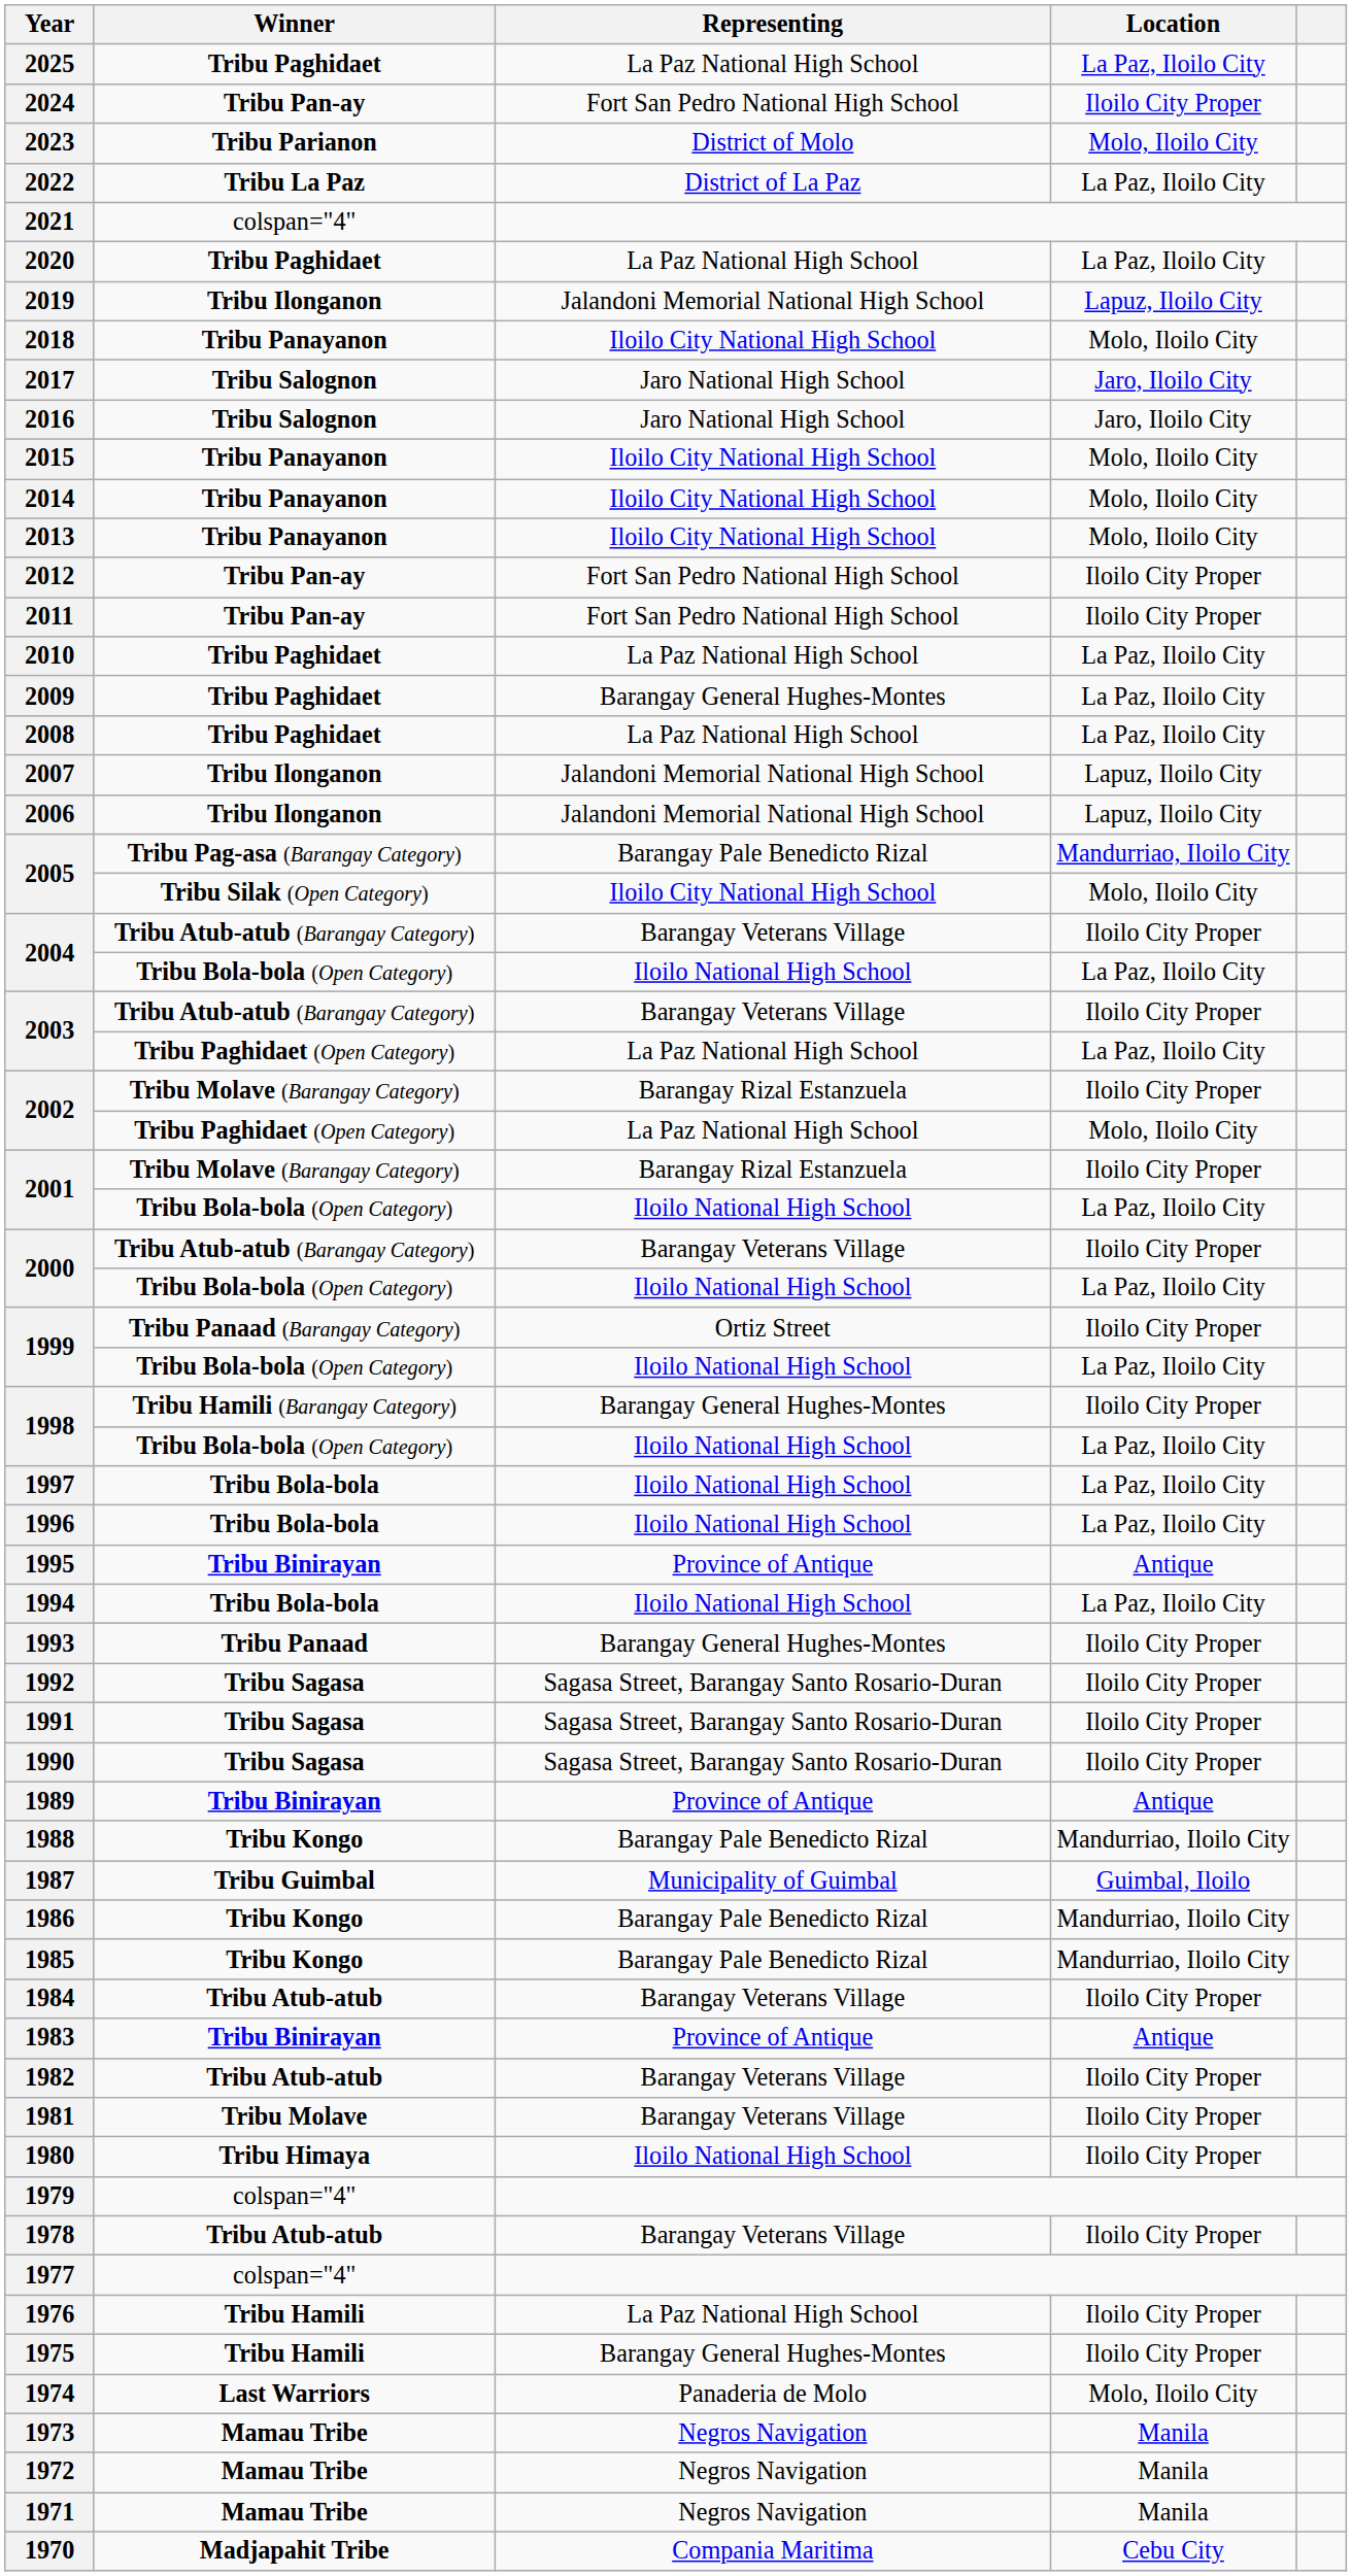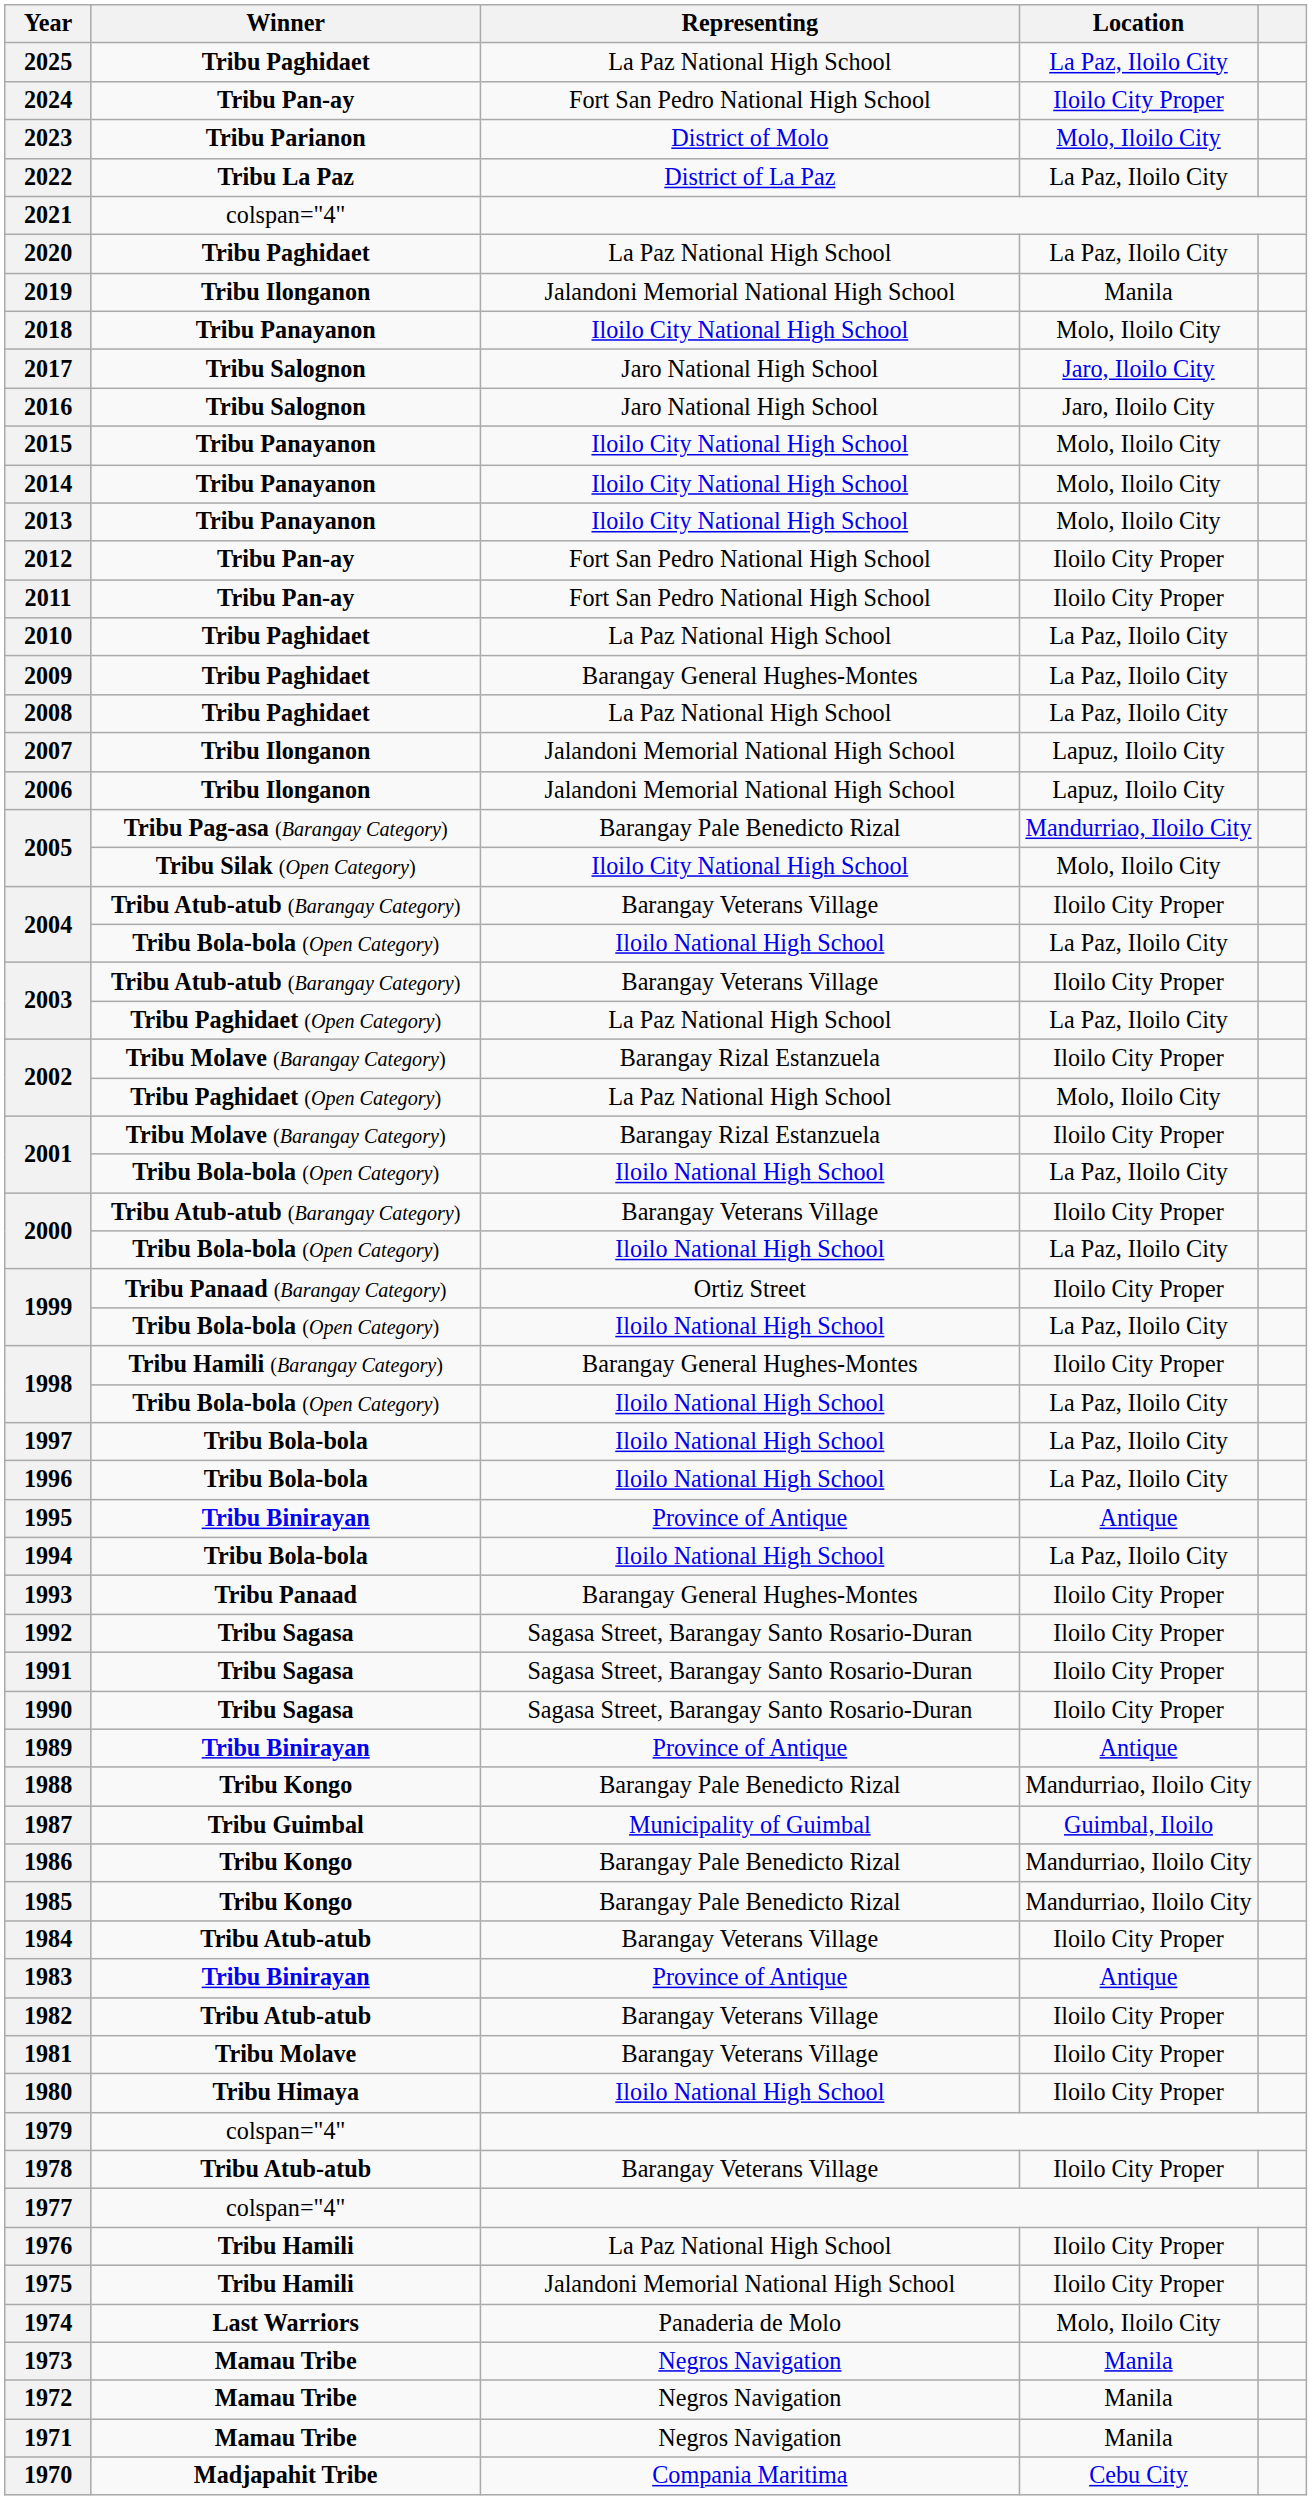 <table class="wikitable sortable" style="text-align:center;">
 <tr>
 <th width="50" class="autorowspan">Year</th>
 <th width="250" class="autorowspan">Winner</th>
 <th width="350" class="autorowspan">Representing</th>
 <th width="150" class="unsortable">Location</th>
 <th width="25" class="unsortable"></th>
 </tr>
 <tr>
 <th>2025</th>
 <td><strong>Tribu Paghidaet</strong></td>
 <td>La Paz National High School</td>
 <td><a href='#'>La Paz, Iloilo City</a></td>
 <td></td>
 </tr>
 <tr>
 <th>2024</th>
 <td><strong>Tribu Pan-ay</strong></td>
 <td>Fort San Pedro National High School</td>
 <td><a href='#'>Iloilo City Proper</a></td>
 <td></td>
 </tr>
 <tr>
 <th>2023</th>
 <td><strong>Tribu Parianon</strong></td>
 <td><a href='#'>District of Molo</a></td>
 <td><a href='#'>Molo, Iloilo City</a></td>
 <td></td>
 </tr>
 <tr>
 <th>2022</th>
 <td><strong>Tribu La Paz</strong></td>
 <td><a href='#'>District of La Paz</a></td>
 <td>La Paz, Iloilo City</td>
 <td></td>
 </tr>
 <tr class="sortbottom">
 <th>2021</th>
 <td>colspan="4" </td>
 </tr>
 <tr>
 <th>2020</th>
 <td><strong>Tribu Paghidaet</strong></td>
 <td>La Paz National High School</td>
 <td>La Paz, Iloilo City</td>
 <td></td>
 </tr>
 <tr>
 <th>2019</th>
 <td><strong>Tribu Ilonganon</strong></td>
 <td>Jalandoni Memorial National High School</td>
-<td><a href='#'>Lapuz, Iloilo City</a></td>
+<td>Manila</td>
 <td></td>
 </tr>
 <tr>
 <th>2018</th>
 <td><strong>Tribu Panayanon</strong></td>
 <td><a href='#'>Iloilo City National High School</a></td>
 <td>Molo, Iloilo City</td>
 <td></td>
 </tr>
 <tr>
 <th>2017</th>
 <td><strong>Tribu Salognon</strong></td>
 <td>Jaro National High School</td>
 <td><a href='#'>Jaro, Iloilo City</a></td>
 <td></td>
 </tr>
 <tr>
 <th>2016</th>
 <td><strong>Tribu Salognon</strong></td>
 <td>Jaro National High School</td>
 <td>Jaro, Iloilo City</td>
 <td></td>
 </tr>
 <tr>
 <th>2015</th>
 <td><strong>Tribu Panayanon</strong></td>
 <td><a href='#'>Iloilo City National High School</a></td>
 <td>Molo, Iloilo City</td>
 <td></td>
 </tr>
 <tr>
 <th>2014</th>
 <td><strong>Tribu Panayanon</strong></td>
 <td><a href='#'>Iloilo City National High School</a></td>
 <td>Molo, Iloilo City</td>
 <td></td>
 </tr>
 <tr>
 <th>2013</th>
 <td><strong>Tribu Panayanon</strong></td>
 <td><a href='#'>Iloilo City National High School</a></td>
 <td>Molo, Iloilo City</td>
 <td></td>
 </tr>
 <tr>
 <th>2012</th>
 <td><strong>Tribu Pan-ay</strong></td>
 <td>Fort San Pedro National High School</td>
 <td>Iloilo City Proper</td>
 <td></td>
 </tr>
 <tr>
 <th>2011</th>
 <td><strong>Tribu Pan-ay</strong></td>
 <td>Fort San Pedro National High School</td>
 <td>Iloilo City Proper</td>
 <td></td>
 </tr>
 <tr>
 <th>2010</th>
 <td><strong>Tribu Paghidaet</strong></td>
 <td>La Paz National High School</td>
 <td>La Paz, Iloilo City</td>
 <td></td>
 </tr>
 <tr>
 <th>2009</th>
 <td><strong>Tribu Paghidaet</strong></td>
 <td>Barangay General Hughes-Montes</td>
 <td>La Paz, Iloilo City</td>
 <td></td>
 </tr>
 <tr>
 <th>2008</th>
 <td><strong>Tribu Paghidaet</strong></td>
 <td>La Paz National High School</td>
 <td>La Paz, Iloilo City</td>
 <td></td>
 </tr>
 <tr>
 <th>2007</th>
 <td><strong>Tribu Ilonganon</strong></td>
 <td>Jalandoni Memorial National High School</td>
 <td>Lapuz, Iloilo City</td>
 <td></td>
 </tr>
 <tr>
 <th>2006</th>
 <td><strong>Tribu Ilonganon</strong></td>
 <td>Jalandoni Memorial National High School</td>
 <td>Lapuz, Iloilo City</td>
 <td></td>
 </tr>
 <tr>
 <th rowspan="2">2005</th>
 <td><strong>Tribu Pag-asa</strong> <small>(<em>Barangay Category</em>)</small></td>
 <td>Barangay Pale Benedicto Rizal</td>
 <td><a href='#'>Mandurriao, Iloilo City</a></td>
 <td></td>
 </tr>
 <tr>
 <td><strong>Tribu Silak</strong> <small>(<em>Open Category</em>)</small></td>
 <td><a href='#'>Iloilo City National High School</a></td>
 <td>Molo, Iloilo City</td>
 <td></td>
 </tr>
 <tr>
 <th rowspan="2">2004</th>
 <td><strong>Tribu Atub-atub</strong> <small>(<em>Barangay Category</em>)</small></td>
 <td>Barangay Veterans Village</td>
 <td>Iloilo City Proper</td>
 <td></td>
 </tr>
 <tr>
 <td><strong>Tribu Bola-bola</strong> <small>(<em>Open Category</em>)</small></td>
 <td><a href='#'>Iloilo National High School</a></td>
 <td>La Paz, Iloilo City</td>
 <td></td>
 </tr>
 <tr>
 <th rowspan="2">2003</th>
 <td><strong>Tribu Atub-atub</strong> <small>(<em>Barangay Category</em>)</small></td>
 <td>Barangay Veterans Village</td>
 <td>Iloilo City Proper</td>
 <td></td>
 </tr>
 <tr>
 <td><strong>Tribu Paghidaet</strong> <small>(<em>Open Category</em>)</small></td>
 <td>La Paz National High School</td>
 <td>La Paz, Iloilo City</td>
 <td></td>
 </tr>
 <tr>
 <th rowspan="2">2002</th>
 <td><strong>Tribu Molave</strong> <small>(<em>Barangay Category</em>)</small></td>
 <td>Barangay Rizal Estanzuela</td>
 <td>Iloilo City Proper</td>
 <td></td>
 </tr>
 <tr>
 <td><strong>Tribu Paghidaet</strong> <small>(<em>Open Category</em>)</small></td>
 <td>La Paz National High School</td>
 <td>Molo, Iloilo City</td>
 <td></td>
 </tr>
 <tr>
 <th rowspan="2">2001</th>
 <td><strong>Tribu Molave</strong> <small>(<em>Barangay Category</em>)</small></td>
 <td>Barangay Rizal Estanzuela</td>
 <td>Iloilo City Proper</td>
 <td></td>
 </tr>
 <tr>
 <td><strong>Tribu Bola-bola</strong> <small>(<em>Open Category</em>)</small></td>
 <td><a href='#'>Iloilo National High School</a></td>
 <td>La Paz, Iloilo City</td>
 <td></td>
 </tr>
 <tr>
 <th rowspan="2">2000</th>
 <td><strong>Tribu Atub-atub</strong> <small>(<em>Barangay Category</em>)</small></td>
 <td>Barangay Veterans Village</td>
 <td>Iloilo City Proper</td>
 <td></td>
 </tr>
 <tr>
 <td><strong>Tribu Bola-bola</strong> <small>(<em>Open Category</em>)</small></td>
 <td><a href='#'>Iloilo National High School</a></td>
 <td>La Paz, Iloilo City</td>
 <td></td>
 </tr>
 <tr>
 <th rowspan="2">1999</th>
 <td><strong>Tribu Panaad</strong> <small>(<em>Barangay Category</em>)</small></td>
 <td>Ortiz Street</td>
 <td>Iloilo City Proper</td>
 <td></td>
 </tr>
 <tr>
 <td><strong>Tribu Bola-bola</strong> <small>(<em>Open Category</em>)</small></td>
 <td><a href='#'>Iloilo National High School</a></td>
 <td>La Paz, Iloilo City</td>
 <td></td>
 </tr>
 <tr>
 <th rowspan="2">1998</th>
 <td><strong>Tribu Hamili</strong> <small>(<em>Barangay Category</em>)</small></td>
 <td>Barangay General Hughes-Montes</td>
 <td>Iloilo City Proper</td>
 <td></td>
 </tr>
 <tr>
 <td><strong>Tribu Bola-bola</strong> <small>(<em>Open Category</em>)</small></td>
 <td><a href='#'>Iloilo National High School</a></td>
 <td>La Paz, Iloilo City</td>
 <td></td>
 </tr>
 <tr>
 <th>1997</th>
 <td><strong>Tribu Bola-bola</strong></td>
 <td><a href='#'>Iloilo National High School</a></td>
 <td>La Paz, Iloilo City</td>
 <td></td>
 </tr>
 <tr>
 <th>1996</th>
 <td><strong>Tribu Bola-bola</strong></td>
 <td><a href='#'>Iloilo National High School</a></td>
 <td>La Paz, Iloilo City</td>
 <td></td>
 </tr>
 <tr>
 <th>1995</th>
 <td><strong><a href='#'>Tribu Binirayan</a></strong></td>
 <td><a href='#'>Province of Antique</a></td>
 <td><a href='#'>Antique</a></td>
 <td></td>
 </tr>
 <tr>
 <th>1994</th>
 <td><strong>Tribu Bola-bola</strong></td>
 <td><a href='#'>Iloilo National High School</a></td>
 <td>La Paz, Iloilo City</td>
 <td></td>
 </tr>
 <tr>
 <th>1993</th>
 <td><strong>Tribu Panaad</strong></td>
 <td>Barangay General Hughes-Montes</td>
 <td>Iloilo City Proper</td>
 <td></td>
 </tr>
 <tr>
 <th>1992</th>
 <td><strong>Tribu Sagasa</strong></td>
 <td>Sagasa Street, Barangay Santo Rosario-Duran</td>
 <td>Iloilo City Proper</td>
 <td></td>
 </tr>
 <tr>
 <th>1991</th>
 <td><strong>Tribu Sagasa</strong></td>
 <td>Sagasa Street, Barangay Santo Rosario-Duran</td>
 <td>Iloilo City Proper</td>
 <td></td>
 </tr>
 <tr>
 <th>1990</th>
 <td><strong>Tribu Sagasa</strong></td>
 <td>Sagasa Street, Barangay Santo Rosario-Duran</td>
 <td>Iloilo City Proper</td>
 <td></td>
 </tr>
 <tr>
 <th>1989</th>
 <td><strong><a href='#'>Tribu Binirayan</a></strong></td>
 <td><a href='#'>Province of Antique</a></td>
 <td><a href='#'>Antique</a></td>
 <td></td>
 </tr>
 <tr>
 <th>1988</th>
 <td><strong>Tribu Kongo</strong></td>
 <td>Barangay Pale Benedicto Rizal</td>
 <td>Mandurriao, Iloilo City</td>
 <td></td>
 </tr>
 <tr>
 <th>1987</th>
 <td><strong>Tribu Guimbal</strong></td>
 <td><a href='#'>Municipality of Guimbal</a></td>
 <td><a href='#'>Guimbal, Iloilo</a></td>
 <td></td>
 </tr>
 <tr>
 <th>1986</th>
 <td><strong>Tribu Kongo</strong></td>
 <td>Barangay Pale Benedicto Rizal</td>
 <td>Mandurriao, Iloilo City</td>
 <td></td>
 </tr>
 <tr>
 <th>1985</th>
 <td><strong>Tribu Kongo</strong></td>
 <td>Barangay Pale Benedicto Rizal</td>
 <td>Mandurriao, Iloilo City</td>
 <td></td>
 </tr>
 <tr>
 <th>1984</th>
 <td><strong>Tribu Atub-atub</strong></td>
 <td>Barangay Veterans Village</td>
 <td>Iloilo City Proper</td>
 <td></td>
 </tr>
 <tr>
 <th>1983</th>
 <td><strong><a href='#'>Tribu Binirayan</a></strong></td>
 <td><a href='#'>Province of Antique</a></td>
 <td><a href='#'>Antique</a></td>
 <td></td>
 </tr>
 <tr>
 <th>1982</th>
 <td><strong>Tribu Atub-atub</strong></td>
 <td>Barangay Veterans Village</td>
 <td>Iloilo City Proper</td>
 <td></td>
 </tr>
 <tr>
 <th>1981</th>
 <td><strong>Tribu Molave</strong></td>
 <td>Barangay Veterans Village</td>
 <td>Iloilo City Proper</td>
 <td></td>
 </tr>
 <tr>
 <th>1980</th>
 <td><strong>Tribu Himaya</strong></td>
 <td><a href='#'>Iloilo National High School</a></td>
 <td>Iloilo City Proper</td>
 <td></td>
 </tr>
 <tr class="sortbottom">
 <th>1979</th>
 <td>colspan="4" </td>
 </tr>
 <tr>
 <th>1978</th>
 <td><strong>Tribu Atub-atub</strong></td>
 <td>Barangay Veterans Village</td>
 <td>Iloilo City Proper</td>
 <td></td>
 </tr>
 <tr class="sortbottom">
 <th>1977</th>
 <td>colspan="4" </td>
 </tr>
 <tr>
 <th>1976</th>
 <td><strong>Tribu Hamili</strong></td>
 <td>La Paz National High School</td>
 <td>Iloilo City Proper</td>
 <td></td>
 </tr>
 <tr>
 <th>1975</th>
 <td><strong>Tribu Hamili</strong></td>
-<td>Barangay General Hughes-Montes</td>
+<td>Jalandoni Memorial National High School</td>
 <td>Iloilo City Proper</td>
 <td></td>
 </tr>
 <tr>
 <th>1974</th>
 <td><strong>Last Warriors</strong></td>
 <td>Panaderia de Molo</td>
 <td>Molo, Iloilo City</td>
 <td></td>
 </tr>
 <tr>
 <th>1973</th>
 <td><strong>Mamau Tribe</strong></td>
 <td><a href='#'>Negros Navigation</a></td>
 <td><a href='#'>Manila</a></td>
 <td></td>
 </tr>
 <tr>
 <th>1972</th>
 <td><strong>Mamau Tribe</strong></td>
 <td>Negros Navigation</td>
 <td>Manila</td>
 <td></td>
 </tr>
 <tr>
 <th>1971</th>
 <td><strong>Mamau Tribe</strong></td>
 <td>Negros Navigation</td>
 <td>Manila</td>
 <td></td>
 </tr>
 <tr>
 <th>1970</th>
 <td><strong>Madjapahit Tribe</strong></td>
 <td><a href='#'>Compania Maritima</a></td>
 <td><a href='#'>Cebu City</a></td>
 <td></td>
 </tr>
 </table>
